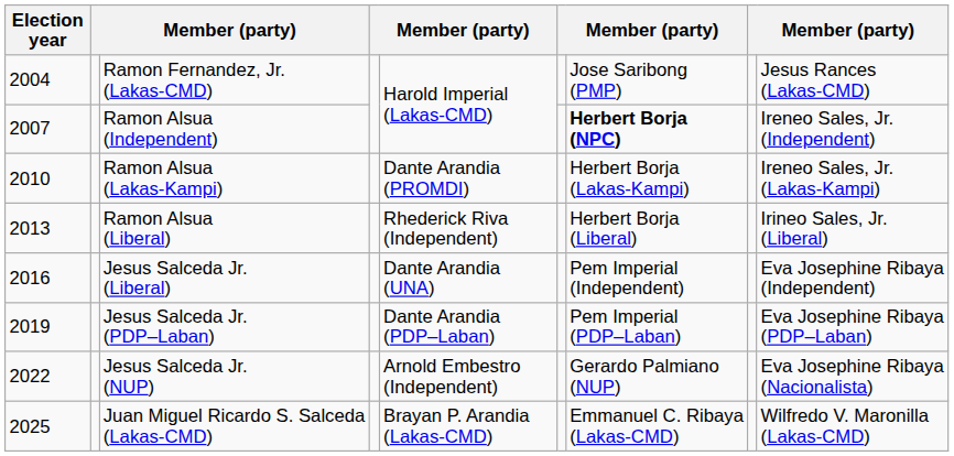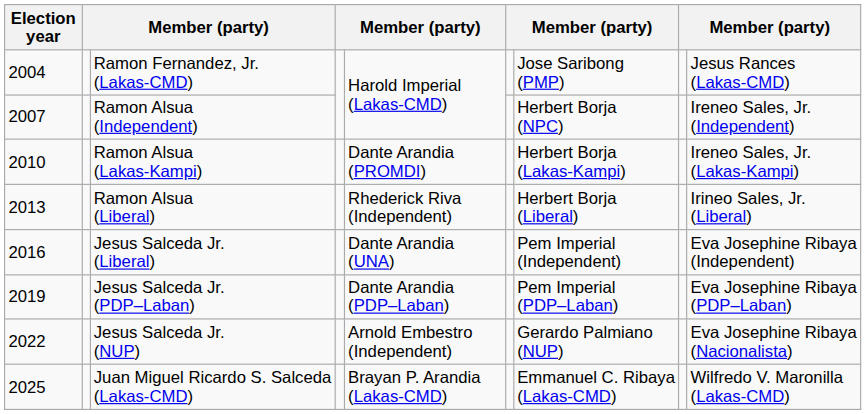 <table class=wikitable style="font-size:90%">
 <tr>
 <th width=60px>Election<br>year</th>
 <th colspan=2 width=140px>Member (party)</th>
 <th colspan=2 width=140px>Member (party)</th>
 <th colspan=2 width=140px>Member (party)</th>
 <th colspan=2 width=140px>Member (party)</th>
 </tr>
 <tr>
 <td>2004</td>
 <td bgcolor=></td>
 <td>Ramon Fernandez, Jr.<br>(<a href='#'>Lakas-CMD</a>)</td>
 <td rowspan=2 bgcolor=></td>
 <td rowspan=2>Harold Imperial<br>(<a href='#'>Lakas-CMD</a>)</td>
 <td bgcolor=></td>
 <td>Jose Saribong<br>(<a href='#'>PMP</a>)</td>
 <td bgcolor=></td>
 <td>Jesus Rances<br>(<a href='#'>Lakas-CMD</a>)</td>
 </tr>
 <tr>
 <td>2007</td>
 <td bgcolor=></td>
 <td>Ramon Alsua<br>(<a href='#'>Independent</a>)</td>
 <td bgcolor=></td>
-<td><strong>Herbert Borja<br>(<a href='#'>NPC</a>)</strong></td>
+<td>Herbert Borja<br>(<a href='#'>NPC</a>)</td>
 <td bgcolor=></td>
 <td>Ireneo Sales, Jr.<br>(<a href='#'>Independent</a>)</td>
 </tr>
 <tr>
 <td>2010</td>
 <td bgcolor=></td>
 <td>Ramon Alsua<br>(<a href='#'>Lakas-Kampi</a>)</td>
 <td bgcolor=></td>
 <td>Dante Arandia<br>(<a href='#'>PROMDI</a>)</td>
 <td bgcolor=></td>
 <td>Herbert Borja<br>(<a href='#'>Lakas-Kampi</a>)</td>
 <td bgcolor=></td>
 <td>Ireneo Sales, Jr.<br>(<a href='#'>Lakas-Kampi</a>)</td>
 </tr>
 <tr>
 <td>2013</td>
 <td bgcolor=></td>
 <td>Ramon Alsua<br>(<a href='#'>Liberal</a>)</td>
 <td bgcolor=></td>
 <td>Rhederick Riva<br>(Independent)</td>
 <td bgcolor=></td>
 <td>Herbert Borja<br>(<a href='#'>Liberal</a>)</td>
 <td bgcolor=></td>
 <td>Irineo Sales, Jr.<br>(<a href='#'>Liberal</a>)</td>
 </tr>
 <tr>
 <td>2016</td>
 <td bgcolor=></td>
 <td>Jesus Salceda Jr.<br>(<a href='#'>Liberal</a>)</td>
 <td bgcolor=></td>
 <td>Dante Arandia<br>(<a href='#'>UNA</a>)</td>
 <td bgcolor=></td>
 <td>Pem Imperial<br>(Independent)</td>
 <td bgcolor=></td>
 <td>Eva Josephine Ribaya<br>(Independent)</td>
 </tr>
 <tr>
 <td>2019</td>
 <td bgcolor=></td>
 <td>Jesus Salceda Jr.<br>(<a href='#'>PDP–Laban</a>)</td>
 <td bgcolor=></td>
 <td>Dante Arandia<br>(<a href='#'>PDP–Laban</a>)</td>
 <td bgcolor=></td>
 <td>Pem Imperial<br>(<a href='#'>PDP–Laban</a>)</td>
 <td bgcolor=></td>
 <td>Eva Josephine Ribaya<br>(<a href='#'>PDP–Laban</a>)</td>
 </tr>
 <tr>
 <td>2022</td>
 <td bgcolor=></td>
 <td>Jesus Salceda Jr.<br>(<a href='#'>NUP</a>)</td>
 <td bgcolor=></td>
 <td>Arnold Embestro<br>(Independent)</td>
 <td bgcolor=></td>
 <td>Gerardo Palmiano<br>(<a href='#'>NUP</a>)</td>
 <td bgcolor=></td>
 <td>Eva Josephine Ribaya<br>(<a href='#'>Nacionalista</a>)</td>
 </tr>
 <tr>
 <td>2025</td>
 <td bgcolor=></td>
 <td>Juan Miguel Ricardo S. Salceda <br>(<a href='#'>Lakas-CMD</a>)</td>
 <td bgcolor=></td>
 <td>Brayan P. Arandia <br>(<a href='#'>Lakas-CMD</a>)</td>
 <td bgcolor=></td>
 <td>Emmanuel C. Ribaya <br>(<a href='#'>Lakas-CMD</a>)</td>
 <td bgcolor=></td>
 <td>Wilfredo V. Maronilla <br>(<a href='#'>Lakas-CMD</a>)</td>
 </tr>
 </table>
